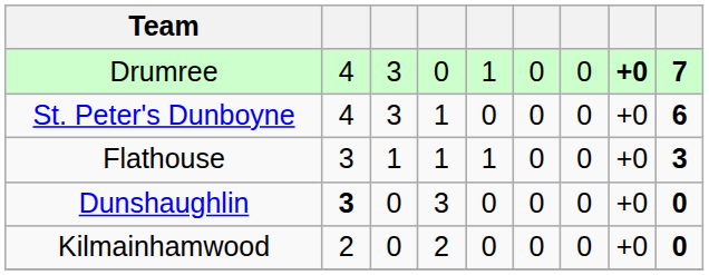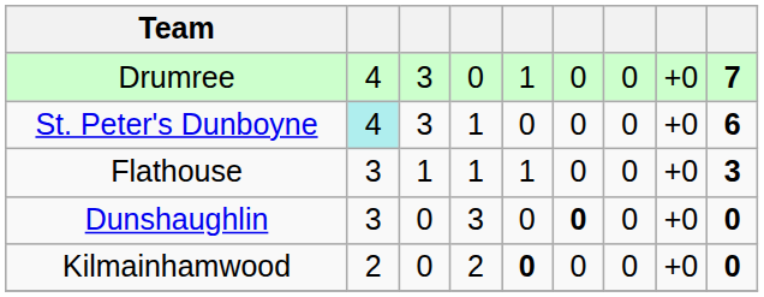 <table class="wikitable" style="text-align:center">
 <tr>
 <th width="175">Team</th>
 <th width="20"></th>
 <th width="20"></th>
 <th width="20"></th>
 <th width="20"></th>
 <th width="20"></th>
 <th width="20"></th>
 <th width="20"></th>
 <th width="20"></th>
 </tr>
 <tr style="background:#cfc;">
 <td>Drumree</td>
 <td>4</td>
 <td>3</td>
 <td>0</td>
 <td>1</td>
 <td>0</td>
 <td>0</td>
-<td><strong>+0</strong></td>
+<td>+0</td>
 <td><strong>7</strong></td>
 </tr>
 <tr>
 <td><a href='#'>St. Peter's Dunboyne</a></td>
-<td>4</td>
+<td style="background: paleturquoise;">4</td>
 <td>3</td>
 <td>1</td>
 <td>0</td>
 <td>0</td>
 <td>0</td>
 <td>+0</td>
 <td><strong>6</strong></td>
 </tr>
 <tr>
 <td>Flathouse</td>
 <td>3</td>
 <td>1</td>
 <td>1</td>
 <td>1</td>
 <td>0</td>
 <td>0</td>
 <td>+0</td>
 <td><strong>3</strong></td>
 </tr>
 <tr>
 <td><a href='#'>Dunshaughlin</a></td>
-<td><strong>3</strong></td>
+<td>3</td>
 <td>0</td>
 <td>3</td>
 <td>0</td>
-<td>0</td>
+<td><strong>0</strong></td>
 <td>0</td>
 <td>+0</td>
 <td><strong>0</strong></td>
 </tr>
 <tr>
 <td>Kilmainhamwood</td>
 <td>2</td>
 <td>0</td>
 <td>2</td>
-<td>0</td>
+<td><strong>0</strong></td>
 <td>0</td>
 <td>0</td>
 <td>+0</td>
 <td><strong>0</strong></td>
 </tr>
 <tr>
 </tr>
 </table>
